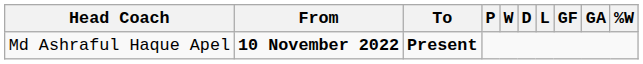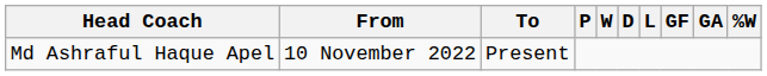 <table class="wikitable sortable" style="text-align:center">
 <tr>
 <th>Head Coach</th>
 <th Class="unsortable">From</th>
 <th Class="unsortable">To</th>
 <th abbr="3">P</th>
 <th abbr="1">W</th>
 <th abbr="1">D</th>
 <th abbr="1">L</th>
 <th abbr="4">GF</th>
 <th abbr="6">GA</th>
 <th abbr="50">%W</th>
 </tr>
 <tr>
 <td align=left> Md Ashraful Haque Apel</td>
-<td align=left><strong>10 November 2022</strong></td>
-<td align=left><strong>Present<br></strong></td>
+<td align=left>10 November 2022</td>
+<td align=left>Present<br></td>
 </tr>
 </table>
